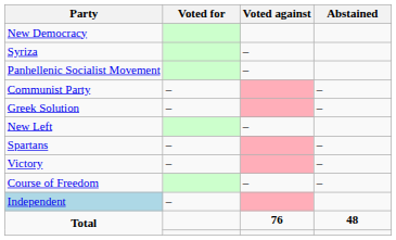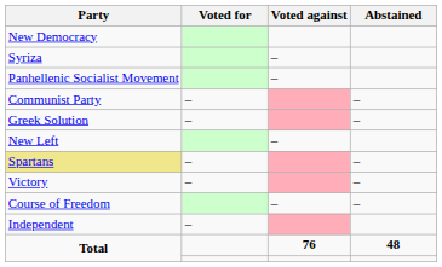 <table class="wikitable">
 <tr>
 <th>Party</th>
 <th style="width:20%;">Voted for</th>
 <th>Voted against</th>
 <th style="width:20%;">Abstained</th>
 </tr>
 <tr>
 <td> <a href='#'>New Democracy</a></td>
 <td style="background-color:#CCFFCC;"></td>
 <td></td>
 <td></td>
 </tr>
 <tr>
 <td> <a href='#'>Syriza</a></td>
 <td style="background-color:#CCFFCC;"></td>
 <td>–</td>
 <td></td>
 </tr>
 <tr>
 <td> <a href='#'>Panhellenic Socialist Movement</a></td>
 <td style="background-color:#CCFFCC;"></td>
 <td>–</td>
 <td></td>
 </tr>
 <tr>
 <td> <a href='#'>Communist Party</a></td>
 <td>–</td>
 <td – style="background-color:#FFAEB9;"></td>
 <td>–</td>
 </tr>
 <tr>
 <td> <a href='#'>Greek Solution</a></td>
 <td>–</td>
 <td style="background-color:#FFAEB9;"></td>
 <td>–</td>
 </tr>
 <tr>
 <td> <a href='#'>New Left</a></td>
 <td style="background-color:#CCFFCC;"></td>
 <td>–</td>
 <td></td>
 </tr>
 <tr>
-<td> <a href='#'>Spartans</a></td>
+<td style="background: khaki;"> <a href='#'>Spartans</a></td>
 <td>–</td>
 <td style="background-color:#FFAEB9;"></td>
 <td>–</td>
 </tr>
 <tr>
 <td> <a href='#'>Victory</a></td>
 <td>–</td>
 <td style="background-color:#FFAEB9;"></td>
 <td>–</td>
 </tr>
 <tr>
 <td> <a href='#'>Course of Freedom</a></td>
 <td style="background-color:#CCFFCC;"></td>
 <td>–</td>
 <td>–</td>
 </tr>
 <tr>
-<td style="background: lightblue;"> <a href='#'>Independent</a></td>
+<td> <a href='#'>Independent</a></td>
 <td>–</td>
 <td style="background-color:#FFAEB9;"></td>
 <td></td>
 </tr>
 <tr>
 <td style="text-align:center;" rowspan="2"><strong>Total</strong></td>
 <td></td>
 <td style="text-align:center;"><strong>76</strong></td>
 <td style="text-align:center;"><strong>48</strong></td>
 </tr>
 <tr>
 <td style="text-align:center;"></td>
 <td style="text-align:center;"></td>
 <td style="text-align:center;"></td>
 </tr>
 </table>
